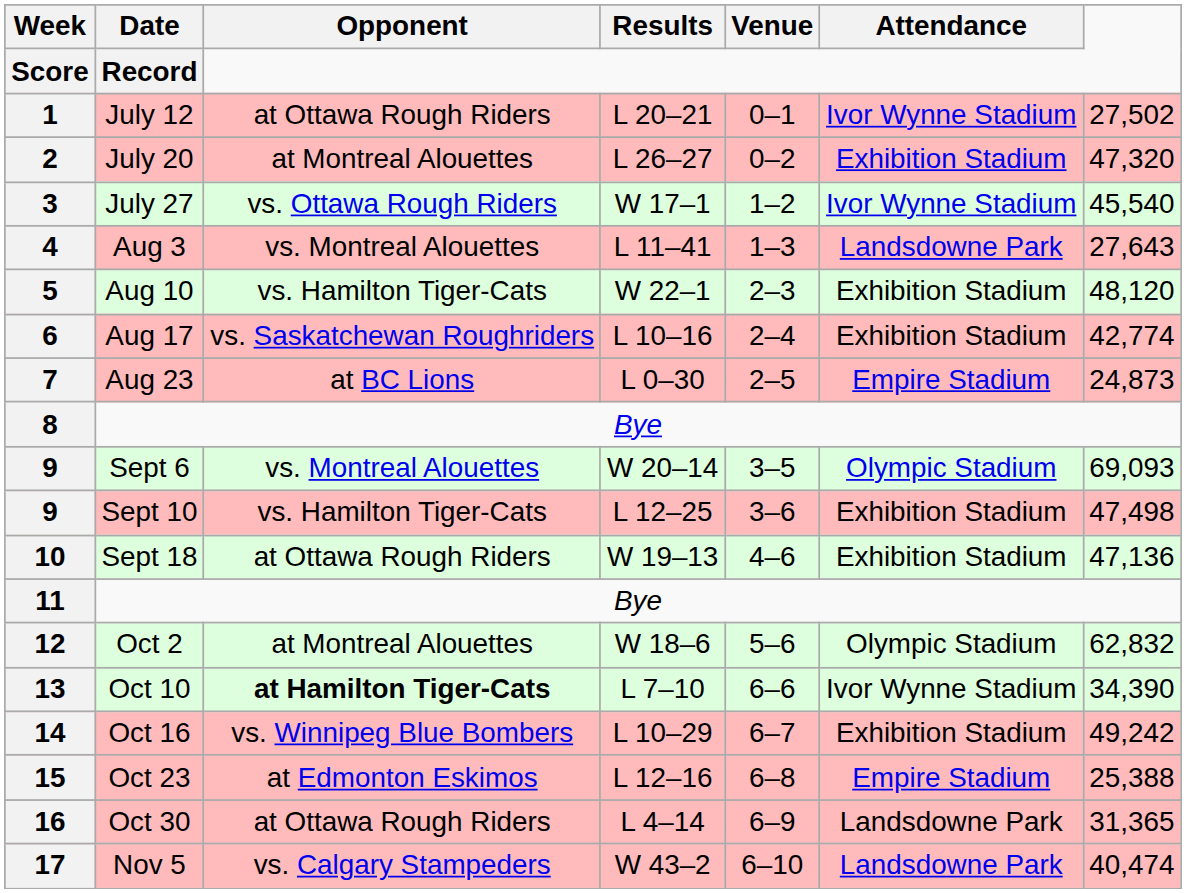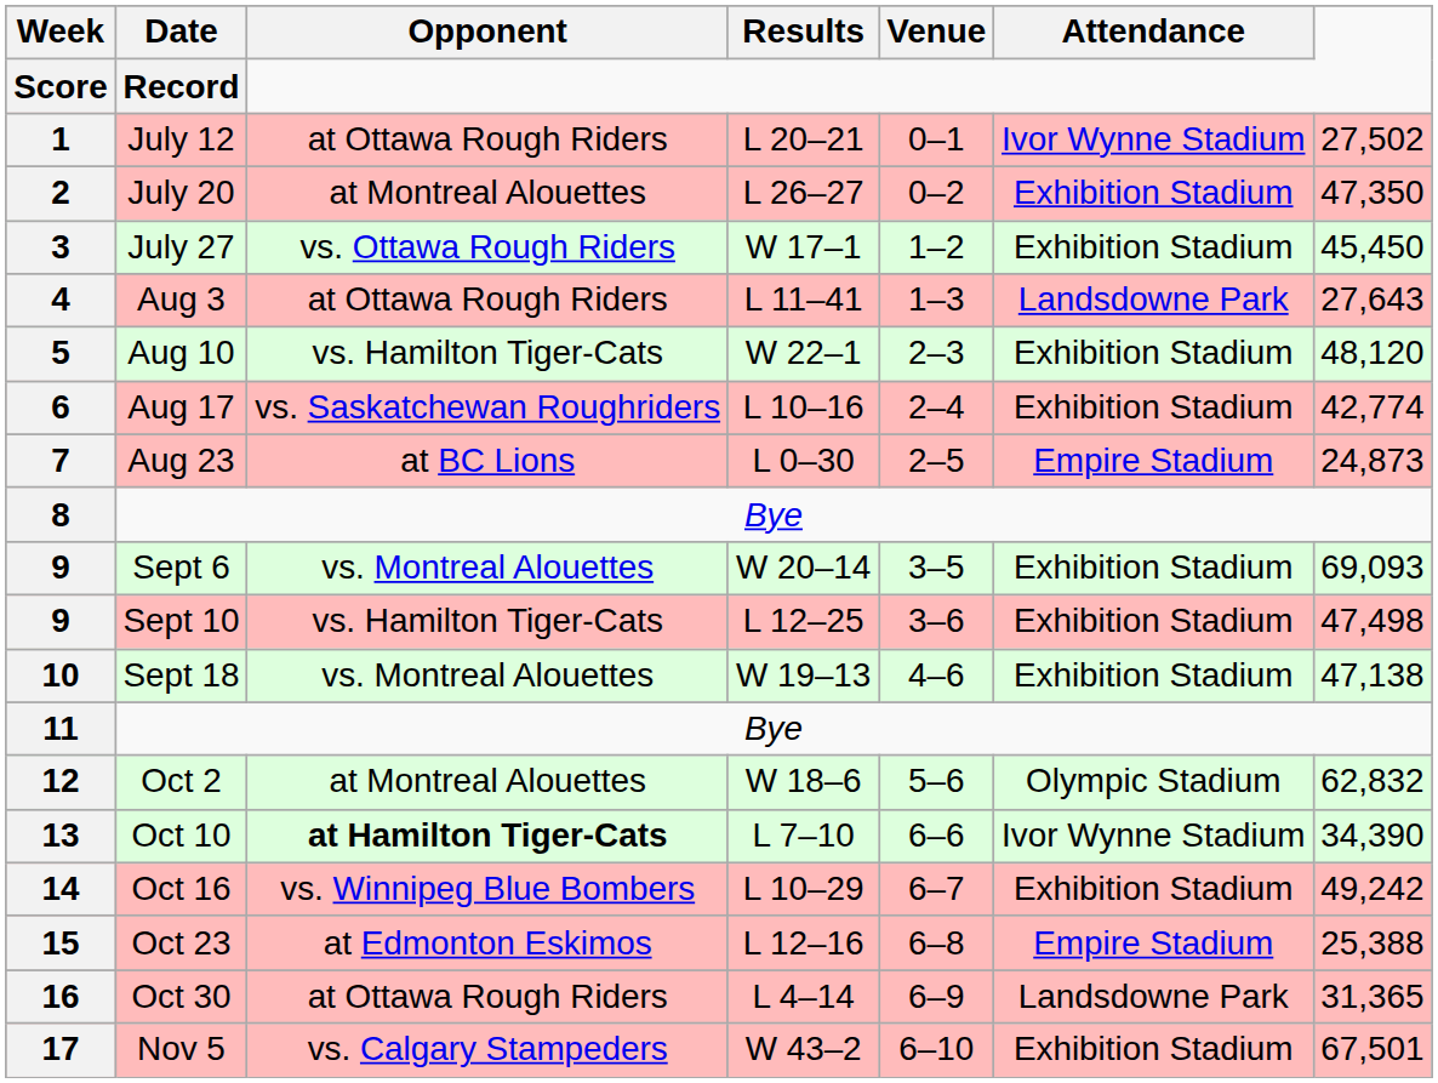 <table class="wikitable" style="text-align:center">
 <tr>
 <th>Week</th>
 <th>Date</th>
 <th>Opponent</th>
 <th>Results</th>
 <th>Venue</th>
 <th>Attendance</th>
 </tr>
 <tr>
 <th>Score</th>
 <th>Record</th>
 </tr>
 <tr style="background:#ffbbbb">
 <th>1</th>
 <td>July 12</td>
 <td>at Ottawa Rough Riders</td>
 <td>L 20–21</td>
 <td>0–1</td>
 <td><a href='#'>Ivor Wynne Stadium</a></td>
 <td>27,502</td>
 </tr>
 <tr style="background:#ffbbbb">
 <th>2</th>
 <td>July 20</td>
 <td>at Montreal Alouettes</td>
 <td>L 26–27</td>
 <td>0–2</td>
 <td><a href='#'>Exhibition Stadium</a></td>
-<td>47,320</td>
+<td>47,350</td>
 </tr>
 <tr style="background:#ddffdd">
 <th>3</th>
 <td>July 27</td>
 <td>vs. <a href='#'>Ottawa Rough Riders</a></td>
 <td>W 17–1</td>
 <td>1–2</td>
-<td><a href='#'>Ivor Wynne Stadium</a></td>
-<td>45,540</td>
+<td>Exhibition Stadium</td>
+<td>45,450</td>
 </tr>
 <tr style="background:#ffbbbb">
 <th>4</th>
 <td>Aug 3</td>
-<td>vs. Montreal Alouettes</td>
+<td>at Ottawa Rough Riders</td>
 <td>L 11–41</td>
 <td>1–3</td>
 <td><a href='#'>Landsdowne Park</a></td>
 <td>27,643</td>
 </tr>
 <tr style="background:#ddffdd">
 <th>5</th>
 <td>Aug 10</td>
 <td>vs. Hamilton Tiger-Cats</td>
 <td>W 22–1</td>
 <td>2–3</td>
 <td>Exhibition Stadium</td>
 <td>48,120</td>
 </tr>
 <tr style="background:#ffbbbb">
 <th>6</th>
 <td>Aug 17</td>
 <td>vs. <a href='#'>Saskatchewan Roughriders</a></td>
 <td>L 10–16</td>
 <td>2–4</td>
 <td>Exhibition Stadium</td>
 <td>42,774</td>
 </tr>
 <tr style="background:#ffbbbb">
 <th>7</th>
 <td>Aug 23</td>
 <td>at <a href='#'>BC Lions</a></td>
 <td>L 0–30</td>
 <td>2–5</td>
 <td><a href='#'>Empire Stadium</a></td>
 <td>24,873</td>
 </tr>
 <tr>
 <th>8</th>
 <td colspan=7><em><a href='#'>Bye</a></em></td>
 </tr>
 <tr style="background:#ddffdd">
 <th>9</th>
 <td>Sept 6</td>
 <td>vs. <a href='#'>Montreal Alouettes</a></td>
 <td>W 20–14</td>
 <td>3–5</td>
-<td><a href='#'>Olympic Stadium</a></td>
+<td>Exhibition Stadium</td>
 <td>69,093</td>
 </tr>
 <tr style="background:#ffbbbb">
 <th>9</th>
 <td>Sept 10</td>
 <td>vs. Hamilton Tiger-Cats</td>
 <td>L 12–25</td>
 <td>3–6</td>
 <td>Exhibition Stadium</td>
 <td>47,498</td>
 </tr>
 <tr style="background:#ddffdd">
 <th>10</th>
 <td>Sept 18</td>
-<td>at Ottawa Rough Riders</td>
+<td>vs. Montreal Alouettes</td>
 <td>W 19–13</td>
 <td>4–6</td>
 <td>Exhibition Stadium</td>
-<td>47,136</td>
+<td>47,138</td>
 </tr>
 <tr>
 <th>11</th>
 <td colspan=7><em>Bye</em></td>
 </tr>
 <tr style="background:#ddffdd">
 <th>12</th>
 <td>Oct 2</td>
 <td>at Montreal Alouettes</td>
 <td>W 18–6</td>
 <td>5–6</td>
 <td>Olympic Stadium</td>
 <td>62,832</td>
 </tr>
 <tr style="background:#ddffdd">
 <th>13</th>
 <td>Oct 10</td>
 <td><strong>at Hamilton Tiger-Cats</strong></td>
 <td>L 7–10</td>
 <td>6–6</td>
 <td>Ivor Wynne Stadium</td>
 <td>34,390</td>
 </tr>
 <tr style="background:#ffbbbb">
 <th>14</th>
 <td>Oct 16</td>
 <td>vs. <a href='#'>Winnipeg Blue Bombers</a></td>
 <td>L 10–29</td>
 <td>6–7</td>
 <td>Exhibition Stadium</td>
 <td>49,242</td>
 </tr>
 <tr style="background:#ffbbbb">
 <th>15</th>
 <td>Oct 23</td>
 <td>at <a href='#'>Edmonton Eskimos</a></td>
 <td>L 12–16</td>
 <td>6–8</td>
 <td><a href='#'>Empire Stadium</a></td>
 <td>25,388</td>
 </tr>
 <tr style="background:#ffbbbb">
 <th>16</th>
 <td>Oct 30</td>
 <td>at Ottawa Rough Riders</td>
 <td>L 4–14</td>
 <td>6–9</td>
 <td>Landsdowne Park</td>
 <td>31,365</td>
 </tr>
 <tr style="background:#ffbbbb">
 <th>17</th>
 <td>Nov 5</td>
 <td>vs. <a href='#'>Calgary Stampeders</a></td>
 <td>W 43–2</td>
 <td>6–10</td>
-<td><a href='#'>Landsdowne Park</a></td>
-<td>40,474</td>
+<td>Exhibition Stadium</td>
+<td>67,501</td>
 </tr>
 </table>
